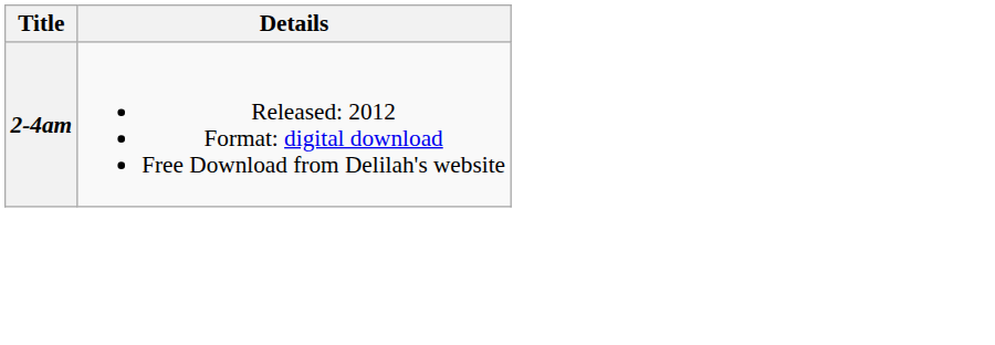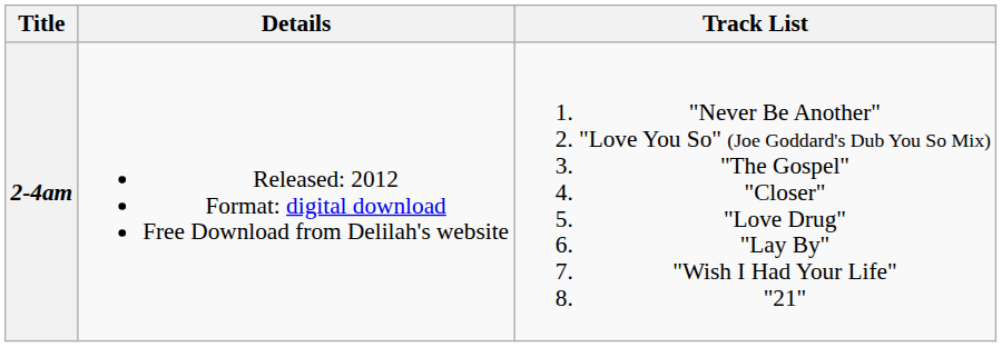 <table class="wikitable plainrowheaders" style="text-align:center;">
 <tr>
 <th scope="col">Title</th>
 <th scope="col">Details</th>
+<th scope="col">Track List</th>
 </tr>
 <tr>
 <th scope="row"><em>2-4am</em></th>
 <td><br><ul><li>Released: 2012</li><li>Format: <a href='#'>digital download</a></li><li>Free Download from Delilah's website</li></ul></td>
+<td><br><ol><li>"Never Be Another"</li><li>"Love You So" <small>(Joe Goddard's Dub You So Mix)</small></li><li>"The Gospel"</li><li>"Closer"</li><li>"Love Drug"</li><li>"Lay By"</li><li>"Wish I Had Your Life"</li><li>"21"</li></ol></td>
 </tr>
 </table>
